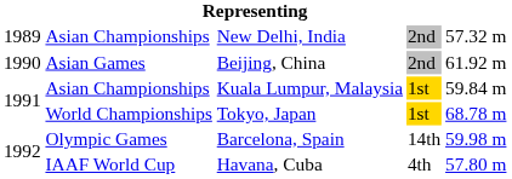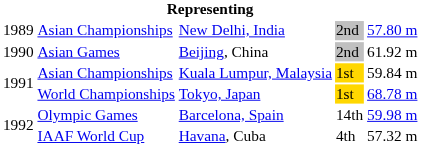 <table>
 <tr>
 <th colspan="5">Representing </th>
 </tr>
 <tr>
 <td>1989</td>
 <td><a href='#'>Asian Championships</a></td>
 <td><a href='#'>New Delhi, India</a></td>
 <td bgcolor="silver">2nd</td>
-<td>57.32 m</td>
+<td><a href='#'>57.80 m</a></td>
 </tr>
 <tr>
 <td>1990</td>
 <td><a href='#'>Asian Games</a></td>
 <td><a href='#'>Beijing</a>, China</td>
 <td bgcolor="silver">2nd</td>
 <td>61.92 m</td>
 </tr>
 <tr>
 <td rowspan=2>1991</td>
 <td><a href='#'>Asian Championships</a></td>
 <td><a href='#'>Kuala Lumpur, Malaysia</a></td>
 <td bgcolor="gold">1st</td>
 <td>59.84 m</td>
 </tr>
 <tr>
 <td><a href='#'>World Championships</a></td>
 <td><a href='#'>Tokyo, Japan</a></td>
 <td bgcolor="gold">1st</td>
 <td><a href='#'>68.78 m</a></td>
 </tr>
 <tr>
 <td rowspan=2>1992</td>
 <td><a href='#'>Olympic Games</a></td>
 <td><a href='#'>Barcelona, Spain</a></td>
 <td>14th</td>
 <td><a href='#'>59.98 m</a></td>
 </tr>
 <tr>
 <td><a href='#'>IAAF World Cup</a></td>
 <td><a href='#'>Havana</a>, Cuba</td>
 <td>4th</td>
-<td><a href='#'>57.80 m</a></td>
+<td>57.32 m</td>
 </tr>
 </table>
